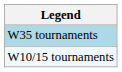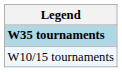 <table class="wikitable" style="font-size:85%">
 <tr>
 <th>Legend</th>
 </tr>
 <tr style="background:lightblue;">
-<td>W35 tournaments</td>
+<td><strong>W35 tournaments</strong></td>
 </tr>
 <tr style="background:#f0f8ff;">
 <td>W10/15 tournaments</td>
 </tr>
 </table>
